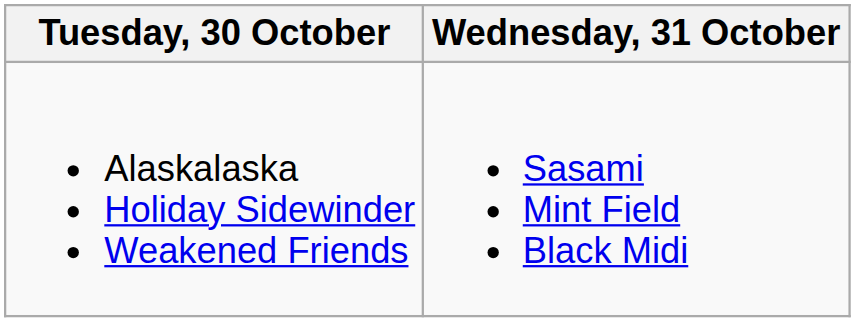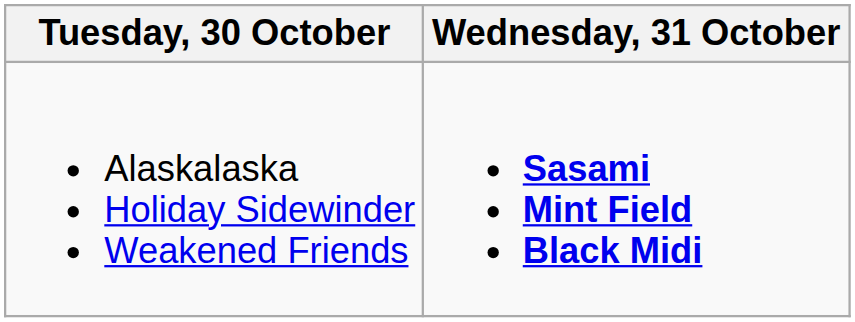 <table class="wikitable">
 <tr>
 <th>Tuesday, 30 October</th>
 <th>Wednesday, 31 October</th>
 </tr>
 <tr valign="top">
 <td><br><ul><li>Alaskalaska</li><li><a href='#'>Holiday Sidewinder</a></li><li><a href='#'>Weakened Friends</a></li></ul></td>
-<td><br><ul><li><a href='#'>Sasami</a></li><li><a href='#'>Mint Field</a></li><li><a href='#'>Black Midi</a></li></ul></td>
+<td><strong><br><ul><li><a href='#'>Sasami</a></li><li><a href='#'>Mint Field</a></li><li><a href='#'>Black Midi</a></li></ul></strong></td>
 </tr>
 </table>
